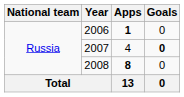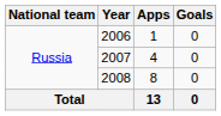 <table class="wikitable" style="text-align:center">
 <tr>
 <th>National team</th>
 <th>Year</th>
 <th>Apps</th>
 <th>Goals</th>
 </tr>
 <tr>
 <td rowspan="3"><a href='#'>Russia</a></td>
 <td>2006</td>
-<td><strong>1</strong></td>
+<td>1</td>
 <td>0</td>
 </tr>
 <tr>
 <td>2007</td>
 <td>4</td>
-<td><strong>0</strong></td>
+<td>0</td>
 </tr>
 <tr>
 <td>2008</td>
-<td><strong>8</strong></td>
+<td>8</td>
 <td>0</td>
 </tr>
 <tr>
 <th colspan="2">Total</th>
 <th>13</th>
 <th>0</th>
 </tr>
 </table>
